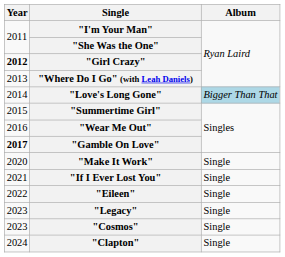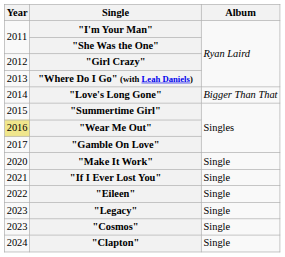 <table class="wikitable plainrowheaders">
 <tr>
 <th>Year</th>
 <th style="width:16em;">Single</th>
 <th>Album</th>
 </tr>
 <tr>
 <td rowspan="2">2011</td>
 <th scope="row">"I'm Your Man"</th>
 <td rowspan="4"><em>Ryan Laird</em></td>
 </tr>
 <tr>
 <th scope="row">"She Was the One"</th>
 </tr>
 <tr>
-<td><strong>2012</strong></td>
+<td>2012</td>
 <th scope="row">"Girl Crazy"</th>
 </tr>
 <tr>
 <td>2013</td>
 <th scope="row">"Where Do I Go" <small>(with <a href='#'>Leah Daniels</a>)</small></th>
 </tr>
 <tr>
 <td>2014</td>
 <th scope="row">"Love's Long Gone"</th>
-<td style="background: lightblue;"><em>Bigger Than That</em></td>
+<td><em>Bigger Than That</em></td>
 </tr>
 <tr>
 <td>2015</td>
 <th scope="row">"Summertime Girl"</th>
 <td rowspan="3">Singles</td>
 </tr>
 <tr>
-<td>2016</td>
+<td style="background: khaki;">2016</td>
 <th scope="row">"Wear Me Out"</th>
 </tr>
 <tr>
-<td><strong>2017</strong></td>
+<td>2017</td>
 <th scope="row">"Gamble On Love"</th>
 </tr>
 <tr>
 <td>2020</td>
 <th scope="row">"Make It Work"</th>
 <td>Single</td>
 </tr>
 <tr>
 <td>2021</td>
 <th scope="row">"If I Ever Lost You"</th>
 <td>Single</td>
 </tr>
 <tr>
 <td>2022</td>
 <th scope="row">"Eileen"</th>
 <td>Single</td>
 </tr>
 <tr>
 <td>2023</td>
 <th scope="row">"Legacy"</th>
 <td>Single</td>
 </tr>
 <tr>
 <td>2023</td>
 <th scope="row">"Cosmos"</th>
 <td>Single</td>
 </tr>
 <tr>
 <td>2024</td>
 <th scope="row">"Clapton"</th>
 <td>Single</td>
 </tr>
 </table>
